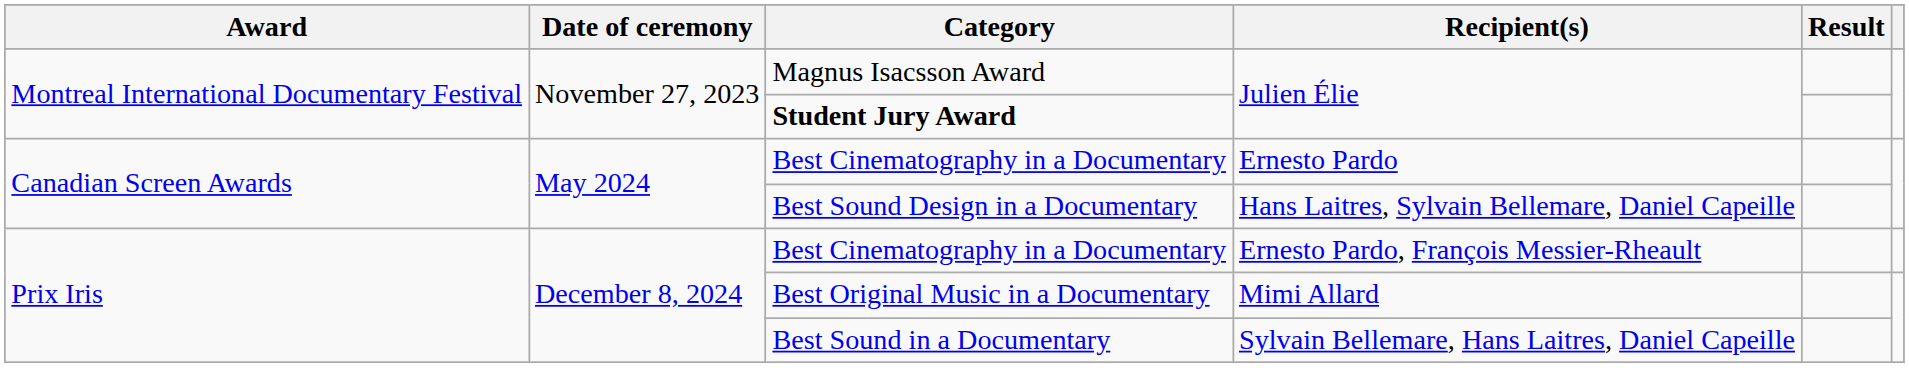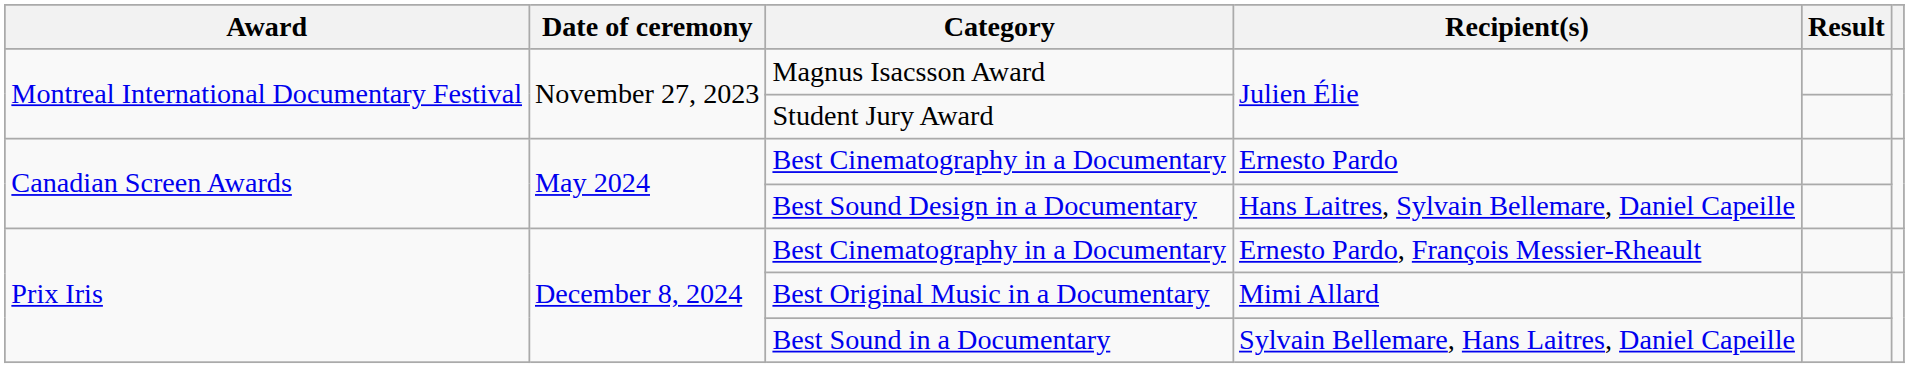 <table class="wikitable sortable plainrowheaders">
 <tr>
 <th scope="col">Award</th>
 <th scope="col">Date of ceremony</th>
 <th scope="col">Category</th>
 <th scope="col">Recipient(s)</th>
 <th scope="col">Result</th>
 <th scope="col" class="unsortable"></th>
 </tr>
 <tr>
 <td rowspan=2><a href='#'>Montreal International Documentary Festival</a></td>
 <td rowspan=2>November 27, 2023</td>
 <td>Magnus Isacsson Award</td>
 <td rowspan=2><a href='#'>Julien Élie</a></td>
 <td></td>
 <td rowspan=2></td>
 </tr>
 <tr>
-<td><strong>Student Jury Award</strong></td>
+<td>Student Jury Award</td>
 <td></td>
 </tr>
 <tr>
 <td rowspan=2><a href='#'>Canadian Screen Awards</a></td>
 <td rowspan=2><a href='#'>May 2024</a></td>
 <td><a href='#'>Best Cinematography in a Documentary</a></td>
 <td><a href='#'>Ernesto Pardo</a></td>
 <td></td>
 <td rowspan=2></td>
 </tr>
 <tr>
 <td><a href='#'>Best Sound Design in a Documentary</a></td>
 <td><a href='#'>Hans Laitres</a>, <a href='#'>Sylvain Bellemare</a>, <a href='#'>Daniel Capeille</a></td>
 <td></td>
 </tr>
 <tr>
 <td rowspan=3><a href='#'>Prix Iris</a></td>
 <td rowspan=3><a href='#'>December 8, 2024</a></td>
 <td><a href='#'>Best Cinematography in a Documentary</a></td>
 <td><a href='#'>Ernesto Pardo</a>, <a href='#'>François Messier-Rheault</a></td>
 <td></td>
 <td></td>
 </tr>
 <tr>
 <td><a href='#'>Best Original Music in a Documentary</a></td>
 <td><a href='#'>Mimi Allard</a></td>
 <td></td>
 <td rowspan=2></td>
 </tr>
 <tr>
 <td><a href='#'>Best Sound in a Documentary</a></td>
 <td><a href='#'>Sylvain Bellemare</a>, <a href='#'>Hans Laitres</a>, <a href='#'>Daniel Capeille</a></td>
 <td></td>
 </tr>
 </table>
